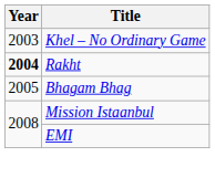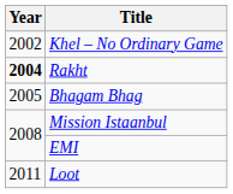 <table class="wikitable sortable">
 <tr style="background:#ccc; text-align:center;">
 <th scope="col">Year</th>
 <th scope="col">Title</th>
 </tr>
 <tr>
-<td>2003</td>
+<td>2002</td>
 <td><em><a href='#'>Khel – No Ordinary Game</a></em></td>
 </tr>
 <tr>
 <td><strong>2004</strong></td>
 <td><em><a href='#'>Rakht</a></em></td>
 </tr>
 <tr>
 <td>2005</td>
 <td><em><a href='#'>Bhagam Bhag</a></em></td>
 </tr>
 <tr>
 <td rowspan="2">2008</td>
 <td><em><a href='#'>Mission Istaanbul</a></em></td>
 </tr>
 <tr>
 <td><em><a href='#'>EMI</a></em></td>
 </tr>
+<tr>
+<td>2011</td>
+<td><em><a href='#'>Loot</a></em><br>   </td>
+</tr>
 </table>
